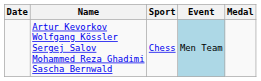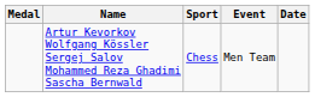 <table class="wikitable sortable" style="font-size: 90%;">
 <tr>
-<th>Date</th>
+<th>Medal</th>
 <th>Name</th>
 <th>Sport</th>
 <th>Event</th>
-<th>Medal</th>
+<th>Date</th>
 </tr>
 <tr>
 <td></td>
 <td><a href='#'>Artur Kevorkov</a><br><a href='#'>Wolfgang Kössler</a><br><a href='#'>Sergej Salov</a><br><a href='#'>Mohammed Reza Ghadimi</a><br><a href='#'>Sascha Bernwald</a></td>
 <td><a href='#'>Chess</a></td>
-<td style="background: lightblue;">Men Team</td>
+<td>Men Team</td>
 <td></td>
 </tr>
 </table>
